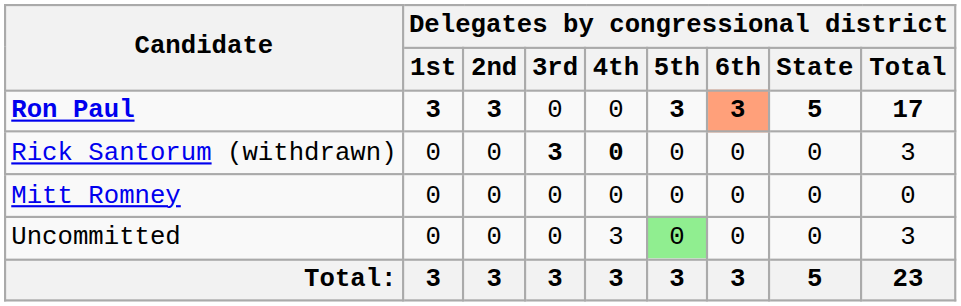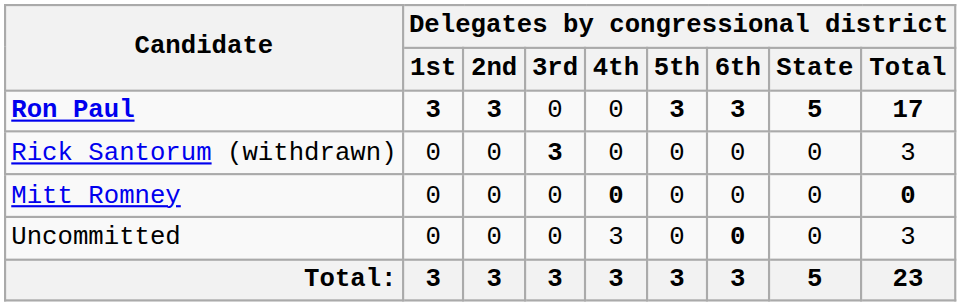 <table class="wikitable" style="font-size:12px; text-align:center; float:none; clear:none;">
 <tr>
 <th rowspan="2">Candidate</th>
 <th colspan="8">Delegates by congressional district</th>
 </tr>
 <tr>
 <th>1st</th>
 <th>2nd</th>
 <th>3rd</th>
 <th>4th</th>
 <th>5th</th>
 <th>6th</th>
 <th>State</th>
 <th>Total</th>
 </tr>
 <tr>
 <td style="text-align:left;"> <strong><a href='#'>Ron Paul</a></strong></td>
 <td><strong>3</strong></td>
 <td><strong>3</strong></td>
 <td>0</td>
 <td>0</td>
 <td><strong>3</strong></td>
-<td style="background: lightsalmon;"><strong>3</strong></td>
+<td><strong>3</strong></td>
 <td><strong>5</strong></td>
 <td><strong>17</strong></td>
 </tr>
 <tr>
 <td style="text-align:left;"><a href='#'>Rick Santorum</a> (withdrawn)</td>
 <td>0</td>
 <td>0</td>
 <td><strong>3</strong></td>
-<td><strong>0</strong></td>
+<td>0</td>
 <td>0</td>
 <td>0</td>
 <td>0</td>
 <td>3</td>
 </tr>
 <tr>
 <td style="text-align:left;"><a href='#'>Mitt Romney</a></td>
 <td>0</td>
 <td>0</td>
 <td>0</td>
+<td><strong>0</strong></td>
 <td>0</td>
 <td>0</td>
 <td>0</td>
-<td>0</td>
-<td>0</td>
+<td><strong>0</strong></td>
 </tr>
 <tr>
 <td style="text-align:left;">Uncommitted</td>
 <td>0</td>
 <td>0</td>
 <td>0</td>
 <td>3</td>
-<td style="background: lightgreen;">0</td>
 <td>0</td>
+<td><strong>0</strong></td>
 <td>0</td>
 <td>3</td>
 </tr>
 <tr style="background:#eee;">
 <th style="text-align:right;">Total:</th>
 <th>3</th>
 <th>3</th>
 <th>3</th>
 <th>3</th>
 <th>3</th>
 <th>3</th>
 <th>5</th>
 <th>23</th>
 </tr>
 </table>
